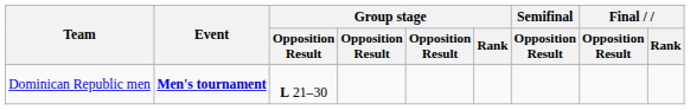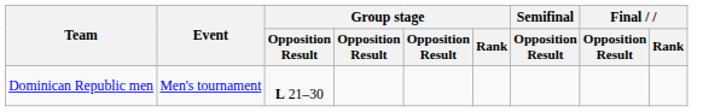 <table class=wikitable style=font-size:90%;text-align:center>
 <tr>
 <th rowspan=2>Team</th>
 <th rowspan=2>Event</th>
 <th colspan=4>Group stage</th>
 <th>Semifinal</th>
 <th colspan=2>Final /  / </th>
 </tr>
 <tr style=font-size:95%>
 <th>Opposition<br>Result</th>
 <th>Opposition<br>Result</th>
 <th>Opposition<br>Result</th>
 <th>Rank</th>
 <th>Opposition<br>Result</th>
 <th>Opposition<br>Result</th>
 <th>Rank</th>
 </tr>
 <tr>
 <td align=left><a href='#'>Dominican Republic men</a></td>
-<td align=left><strong><a href='#'>Men's tournament</a></strong></td>
+<td align=left><a href='#'>Men's tournament</a></td>
 <td><br><strong>L</strong> 21–30</td>
 <td><br></td>
 <td><br></td>
 <td></td>
 <td></td>
 <td></td>
 <td></td>
 </tr>
 </table>
